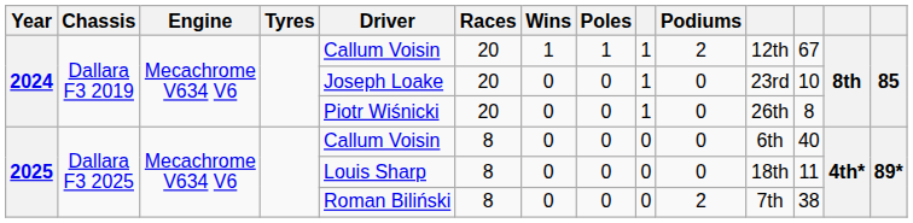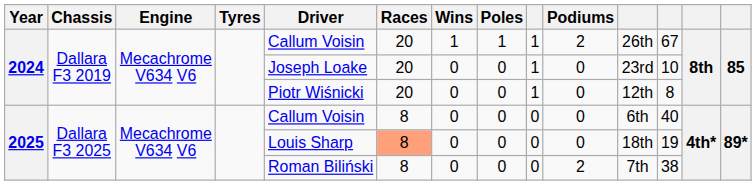 <table class="wikitable" style="text-align:center; font-size:85%">
 <tr valign="top">
 <th>Year</th>
 <th>Chassis</th>
 <th>Engine</th>
 <th>Tyres</th>
 <th>Driver</th>
 <th>Races</th>
 <th>Wins</th>
 <th>Poles</th>
 <th></th>
 <th>Podiums</th>
 <th></th>
 <th></th>
 <th></th>
 <th></th>
 </tr>
 <tr>
 <th rowspan=3><a href='#'>2024</a></th>
 <td rowspan=3><a href='#'>Dallara</a><br><a href='#'>F3 2019</a></td>
 <td rowspan=3><a href='#'>Mecachrome</a><br><a href='#'>V634</a> <a href='#'>V6</a></td>
 <td rowspan=3></td>
 <td align=left> <a href='#'>Callum Voisin</a></td>
 <td>20</td>
 <td>1</td>
 <td>1</td>
 <td>1</td>
 <td>2</td>
-<td style="background:#;">12th</td>
+<td style="background:#;">26th</td>
 <td style="background:#;">67</td>
 <th rowspan=3 style="background:#;">8th</th>
 <th rowspan=3 style="background:#;">85</th>
 </tr>
 <tr>
 <td align=left> <a href='#'>Joseph Loake</a></td>
 <td>20</td>
 <td>0</td>
 <td>0</td>
 <td>1</td>
 <td>0</td>
 <td style="background:#;">23rd</td>
 <td style="background:#;">10</td>
 </tr>
 <tr>
 <td align=left> <a href='#'>Piotr Wiśnicki</a></td>
 <td>20</td>
 <td>0</td>
 <td>0</td>
 <td>1</td>
 <td>0</td>
-<td style="background:#;">26th</td>
+<td style="background:#;">12th</td>
 <td style="background:#;">8</td>
 </tr>
 <tr>
 <th rowspan=3><a href='#'>2025</a></th>
 <td rowspan=3><a href='#'>Dallara</a><br><a href='#'>F3 2025</a></td>
 <td rowspan=3><a href='#'>Mecachrome</a><br><a href='#'>V634</a> <a href='#'>V6</a></td>
 <td rowspan=3></td>
 <td align=left> <a href='#'>Callum Voisin</a></td>
 <td>8</td>
 <td>0</td>
 <td>0</td>
 <td>0</td>
 <td>0</td>
 <td style="background:#;">6th</td>
 <td style="background:#;">40</td>
 <th rowspan=3 style="background:#;">4th*</th>
 <th rowspan=3 style="background:#;">89*</th>
 </tr>
 <tr>
 <td align=left> <a href='#'>Louis Sharp</a></td>
-<td>8</td>
+<td style="background: lightsalmon;">8</td>
 <td>0</td>
 <td>0</td>
 <td>0</td>
 <td>0</td>
 <td style="background:#;">18th</td>
-<td style="background:#;">11</td>
+<td style="background:#;">19</td>
 </tr>
 <tr>
 <td align=left> <a href='#'>Roman Biliński</a></td>
 <td>8</td>
 <td>0</td>
 <td>0</td>
 <td>0</td>
 <td>2</td>
 <td style="background:#;">7th</td>
 <td style="background:#;">38</td>
 </tr>
 </table>
